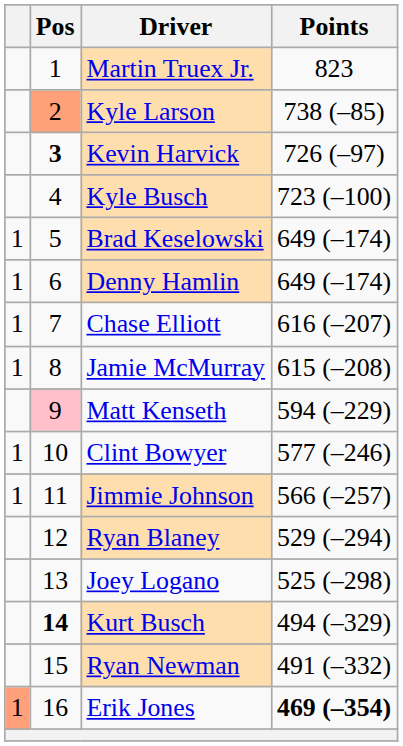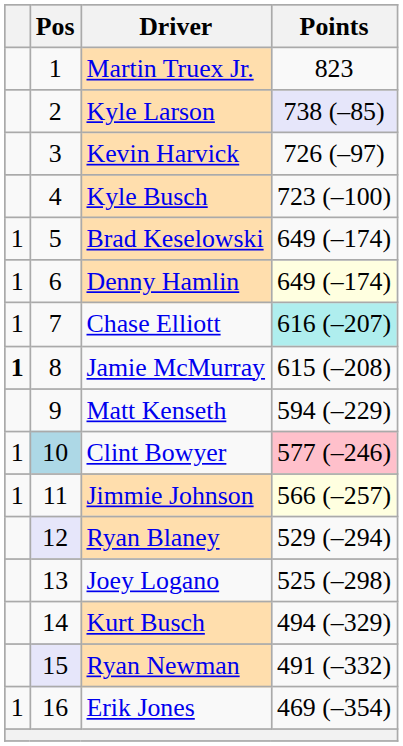 <table class="wikitable" style="font-size: 95%;">
 <tr>
 <th></th>
 <th>Pos</th>
 <th>Driver</th>
 <th>Points</th>
 </tr>
 <tr>
 <td align="left"></td>
 <td style="text-align:center;">1</td>
 <td style="background:#FFDEAD;"><a href='#'>Martin Truex Jr.</a></td>
 <td style="text-align:center;">823</td>
 </tr>
 <tr>
 <td align="left"></td>
-<td style="background: lightsalmon; text-align:center;">2</td>
+<td style="text-align:center;">2</td>
 <td style="background:#FFDEAD;"><a href='#'>Kyle Larson</a></td>
-<td style="text-align:center;">738 (–85)</td>
+<td style="background: lavender; text-align:center;">738 (–85)</td>
 </tr>
 <tr>
 <td align="left"></td>
-<td style="text-align:center;"><strong>3</strong></td>
+<td style="text-align:center;">3</td>
 <td style="background:#FFDEAD;"><a href='#'>Kevin Harvick</a></td>
 <td style="text-align:center;">726 (–97)</td>
 </tr>
 <tr>
 <td align="left"></td>
 <td style="text-align:center;">4</td>
 <td style="background:#FFDEAD;"><a href='#'>Kyle Busch</a></td>
 <td style="text-align:center;">723 (–100)</td>
 </tr>
 <tr>
 <td align="left"> 1</td>
 <td style="text-align:center;">5</td>
 <td style="background:#FFDEAD;"><a href='#'>Brad Keselowski</a></td>
 <td style="text-align:center;">649 (–174)</td>
 </tr>
 <tr>
 <td align="left"> 1</td>
 <td style="text-align:center;">6</td>
 <td style="background:#FFDEAD;"><a href='#'>Denny Hamlin</a></td>
-<td style="text-align:center;">649 (–174)</td>
+<td style="background: lightyellow; text-align:center;">649 (–174)</td>
 </tr>
 <tr>
 <td align="left"> 1</td>
 <td style="text-align:center;">7</td>
 <td><a href='#'>Chase Elliott</a></td>
-<td style="text-align:center;">616 (–207)</td>
+<td style="background: paleturquoise; text-align:center;">616 (–207)</td>
 </tr>
 <tr>
-<td align="left"> 1</td>
+<td align="left"><strong> 1</strong></td>
 <td style="text-align:center;">8</td>
 <td><a href='#'>Jamie McMurray</a></td>
 <td style="text-align:center;">615 (–208)</td>
 </tr>
 <tr>
 <td align="left"></td>
-<td style="background: pink; text-align:center;">9</td>
+<td style="text-align:center;">9</td>
 <td><a href='#'>Matt Kenseth</a></td>
 <td style="text-align:center;">594 (–229)</td>
 </tr>
 <tr>
 <td align="left"> 1</td>
-<td style="text-align:center;">10</td>
+<td style="background: lightblue; text-align:center;">10</td>
 <td><a href='#'>Clint Bowyer</a></td>
-<td style="text-align:center;">577 (–246)</td>
+<td style="background: pink; text-align:center;">577 (–246)</td>
 </tr>
 <tr>
 <td align="left"> 1</td>
 <td style="text-align:center;">11</td>
 <td style="background:#FFDEAD;"><a href='#'>Jimmie Johnson</a></td>
-<td style="text-align:center;">566 (–257)</td>
+<td style="background: lightyellow; text-align:center;">566 (–257)</td>
 </tr>
 <tr>
 <td align="left"></td>
-<td style="text-align:center;">12</td>
+<td style="background: lavender; text-align:center;">12</td>
 <td style="background:#FFDEAD;"><a href='#'>Ryan Blaney</a></td>
 <td style="text-align:center;">529 (–294)</td>
 </tr>
 <tr>
 <td align="left"></td>
 <td style="text-align:center;">13</td>
 <td><a href='#'>Joey Logano</a></td>
 <td style="text-align:center;">525 (–298)</td>
 </tr>
 <tr>
 <td align="left"></td>
-<td style="text-align:center;"><strong>14</strong></td>
+<td style="text-align:center;">14</td>
 <td style="background:#FFDEAD;"><a href='#'>Kurt Busch</a></td>
 <td style="text-align:center;">494 (–329)</td>
 </tr>
 <tr>
 <td align="left"></td>
-<td style="text-align:center;">15</td>
+<td style="background: lavender; text-align:center;">15</td>
 <td style="background:#FFDEAD;"><a href='#'>Ryan Newman</a></td>
 <td style="text-align:center;">491 (–332)</td>
 </tr>
 <tr>
-<td align="left" style="background: lightsalmon;"> 1</td>
+<td align="left"> 1</td>
 <td style="text-align:center;">16</td>
 <td><a href='#'>Erik Jones</a></td>
-<td style="text-align:center;"><strong>469 (–354)</strong></td>
+<td style="text-align:center;">469 (–354)</td>
 </tr>
 <tr class="sortbottom">
 <th colspan="9"></th>
 </tr>
 </table>
